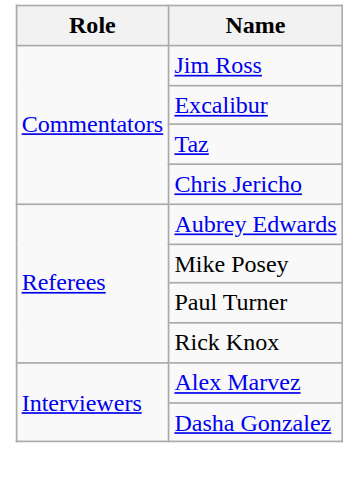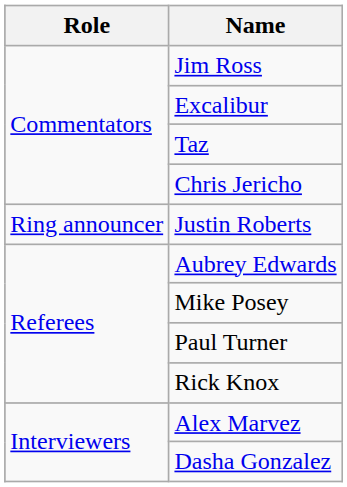 <table class=wikitable style="font-size:90%; margin: 0.5em 0 0.5em 1em; float: right; clear: right;">
 <tr>
 <th>Role</th>
 <th>Name</th>
 </tr>
 <tr>
 <td rowspan=4><a href='#'>Commentators</a></td>
 <td><a href='#'>Jim Ross</a></td>
 </tr>
 <tr>
 <td><a href='#'>Excalibur</a></td>
 </tr>
 <tr>
 <td><a href='#'>Taz</a> </td>
 </tr>
 <tr>
 <td><a href='#'>Chris Jericho</a> </td>
+</tr>
+<tr>
+<td rowspan=1><a href='#'>Ring announcer</a></td>
+<td><a href='#'>Justin Roberts</a></td>
 </tr>
 <tr>
 <td rowspan=4><a href='#'>Referees</a></td>
 <td><a href='#'>Aubrey Edwards</a></td>
 </tr>
 <tr>
 <td>Mike Posey</td>
 </tr>
 <tr>
 <td>Paul Turner</td>
 </tr>
 <tr>
 <td>Rick Knox</td>
 </tr>
 <tr>
 <td rowspan=2><a href='#'>Interviewers</a></td>
 <td><a href='#'>Alex Marvez</a></td>
 </tr>
 <tr>
 <td><a href='#'>Dasha Gonzalez</a></td>
 </tr>
 </table>
